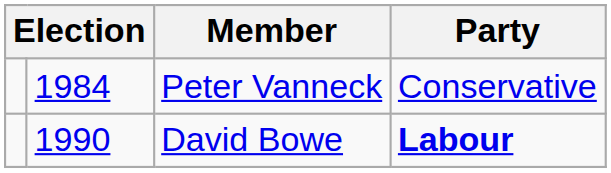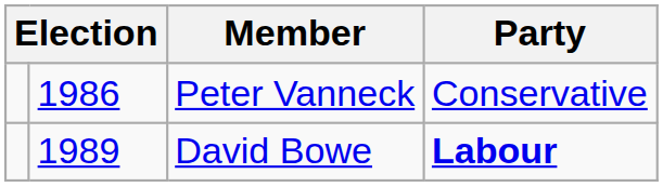 <table class="wikitable">
 <tr>
 <th colspan="2">Election</th>
 <th>Member</th>
 <th>Party</th>
 </tr>
 <tr>
 <td rowspan="1" style="background-color: "></td>
-<td><a href='#'>1984</a></td>
+<td><a href='#'>1986</a></td>
 <td rowspan="1"><a href='#'>Peter Vanneck</a></td>
 <td rowspan="1"><a href='#'>Conservative</a></td>
 </tr>
 <tr>
 <td rowspan="1" style="background-color: "></td>
-<td><a href='#'>1990</a></td>
+<td><a href='#'>1989</a></td>
 <td rowspan="1"><a href='#'>David Bowe</a></td>
 <td rowspan="1"><strong><a href='#'>Labour</a></strong></td>
 </tr>
 </table>
